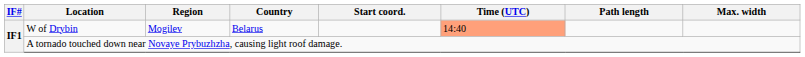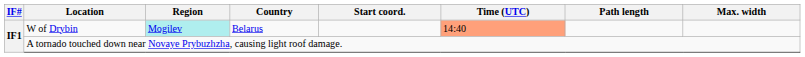 <table class="wikitable sortable" style="width:100%;">
 <tr>
 <th scope="col" width="2%" align="center"><a href='#'>IF#</a></th>
 <th scope="col" align="center" class="unsortable">Location</th>
 <th scope="col" align="center" class="unsortable">Region</th>
 <th scope="col" align="center">Country</th>
 <th scope="col" align="center">Start coord.</th>
 <th scope="col" align="center">Time (<a href='#'>UTC</a>)</th>
 <th scope="col" align="center">Path length</th>
 <th scope="col" align="center">Max. width</th>
 </tr>
 <tr>
 <th scope="row" rowspan="2" style="background-color:#">IF1</th>
 <td>W of <a href='#'>Drybin</a></td>
-<td><a href='#'>Mogilev</a></td>
+<td style="background: paleturquoise;"><a href='#'>Mogilev</a></td>
 <td><a href='#'>Belarus</a></td>
 <td></td>
 <td style="background: lightsalmon;">14:40</td>
 <td></td>
 <td></td>
 </tr>
 <tr class="expand-child">
 <td colspan="8" style=" border-bottom: 1px solid black;">A tornado touched down near <a href='#'>Novaye Prybuzhzha</a>, causing light roof damage.</td>
 </tr>
 </table>
